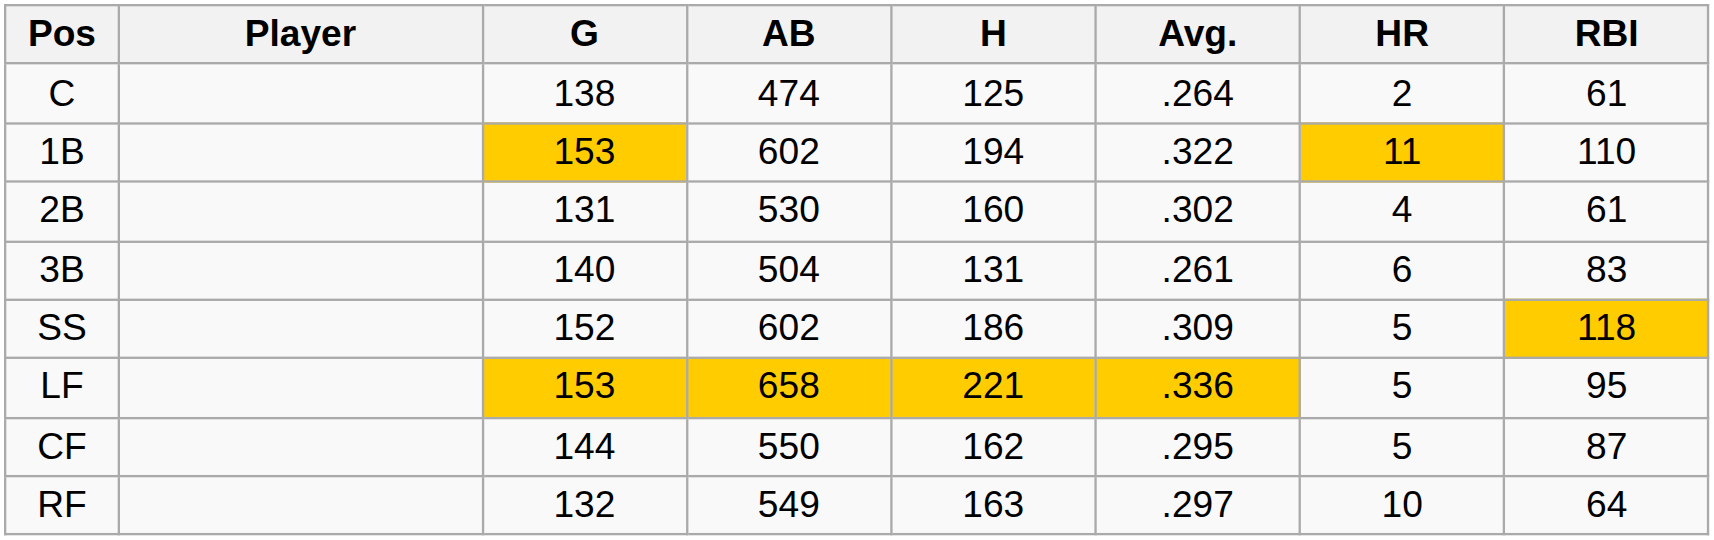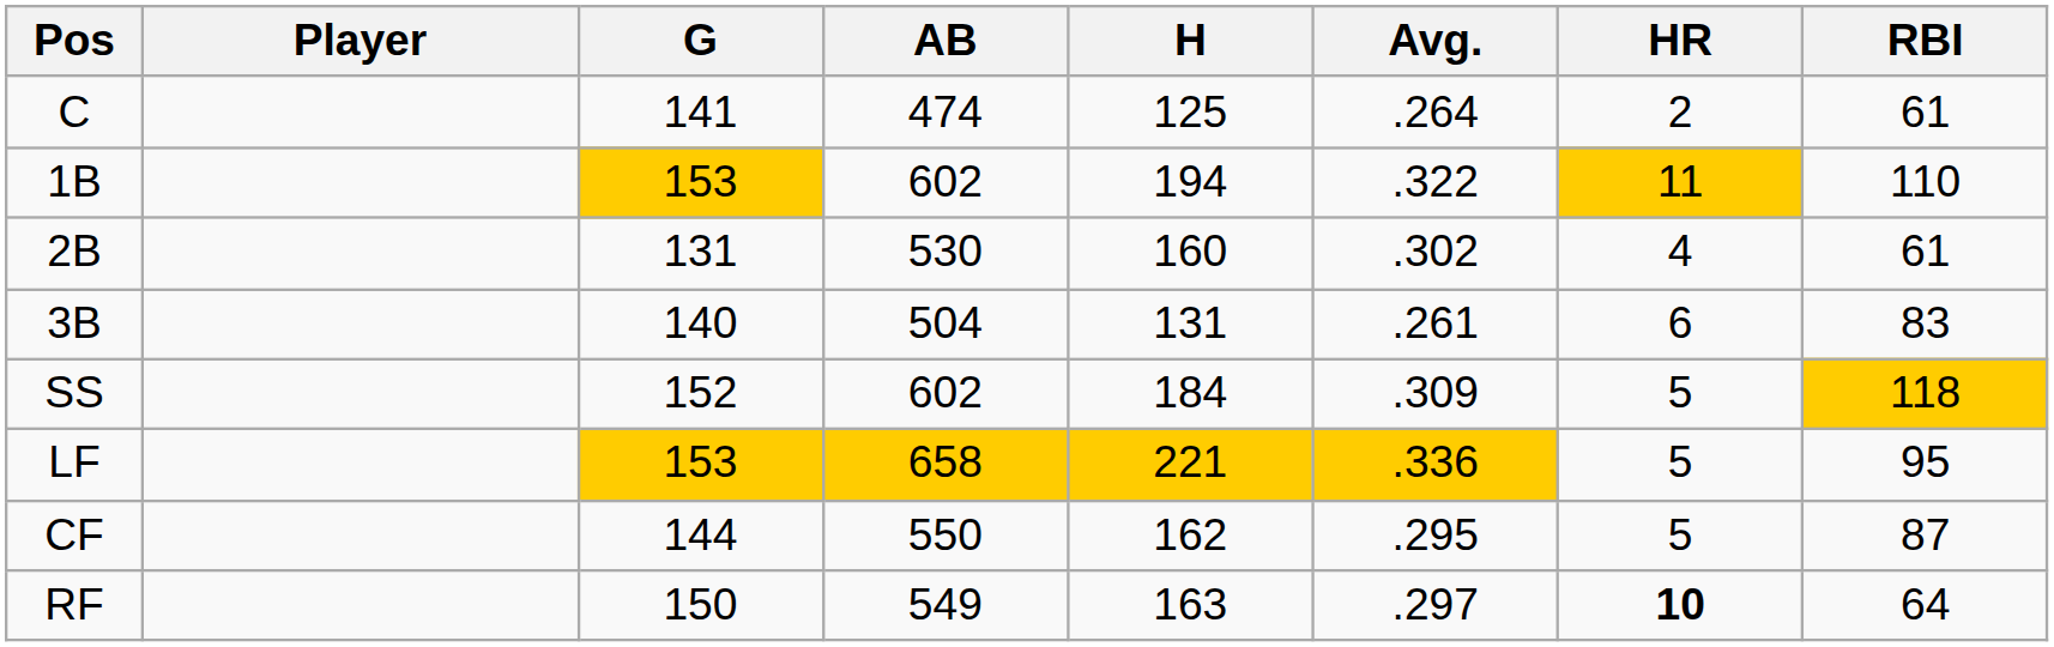 <table class="wikitable sortable">
 <tr>
 <th bgcolor="#DDDDFF" width="5%">Pos</th>
 <th bgcolor="#DDDDFF" width="16%">Player</th>
 <th bgcolor="#DDDDFF" width="9%">G</th>
 <th bgcolor="#DDDDFF" width="9%">AB</th>
 <th bgcolor="#DDDDFF" width="9%">H</th>
 <th bgcolor="#DDDDFF" width="9%">Avg.</th>
 <th bgcolor="#DDDDFF" width="9%">HR</th>
 <th bgcolor="#DDDDFF" width="9%">RBI</th>
 </tr>
 <tr align="center">
 <td>C</td>
 <td></td>
-<td>138</td>
+<td>141</td>
 <td>474</td>
 <td>125</td>
 <td>.264</td>
 <td>2</td>
 <td>61</td>
 </tr>
 <tr align="center">
 <td>1B</td>
 <td></td>
 <td style="background:#fc0;">153</td>
 <td>602</td>
 <td>194</td>
 <td>.322</td>
 <td style="background:#fc0;">11</td>
 <td>110</td>
 </tr>
 <tr align="center">
 <td>2B</td>
 <td></td>
 <td>131</td>
 <td>530</td>
 <td>160</td>
 <td>.302</td>
 <td>4</td>
 <td>61</td>
 </tr>
 <tr align="center">
 <td>3B</td>
 <td></td>
 <td>140</td>
 <td>504</td>
 <td>131</td>
 <td>.261</td>
 <td>6</td>
 <td>83</td>
 </tr>
 <tr align="center">
 <td>SS</td>
 <td></td>
 <td>152</td>
 <td>602</td>
-<td>186</td>
+<td>184</td>
 <td>.309</td>
 <td>5</td>
 <td style="background:#fc0;">118</td>
 </tr>
 <tr align="center">
 <td>LF</td>
 <td></td>
 <td style="background:#fc0;">153</td>
 <td style="background:#fc0;">658</td>
 <td style="background:#fc0;">221</td>
 <td style="background:#fc0;">.336</td>
 <td>5</td>
 <td>95</td>
 </tr>
 <tr align="center">
 <td>CF</td>
 <td></td>
 <td>144</td>
 <td>550</td>
 <td>162</td>
 <td>.295</td>
 <td>5</td>
 <td>87</td>
 </tr>
 <tr align="center">
 <td>RF</td>
 <td></td>
-<td>132</td>
+<td>150</td>
 <td>549</td>
 <td>163</td>
 <td>.297</td>
-<td>10</td>
+<td><strong>10</strong></td>
 <td>64</td>
 </tr>
 </table>
